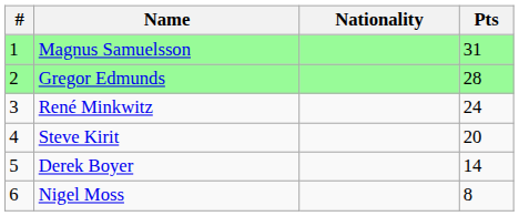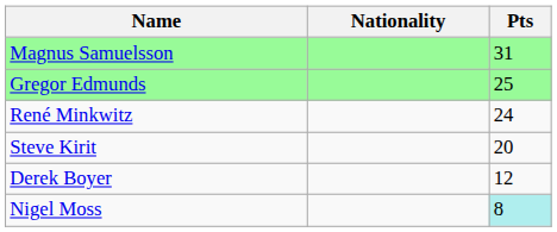 <table class="wikitable" style="display: inline-table; width: 50%;">
 <tr>
-<th>#</th>
 <th>Name</th>
 <th>Nationality</th>
 <th>Pts</th>
 </tr>
 <tr style="background:palegreen;">
-<td>1</td>
 <td><a href='#'>Magnus Samuelsson</a></td>
 <td></td>
 <td>31</td>
 </tr>
 <tr style="background:palegreen;">
-<td>2</td>
 <td><a href='#'>Gregor Edmunds</a></td>
 <td></td>
-<td>28</td>
+<td>25</td>
 </tr>
 <tr>
-<td>3</td>
 <td><a href='#'>René Minkwitz</a></td>
 <td></td>
 <td>24</td>
 </tr>
 <tr>
-<td>4</td>
 <td><a href='#'>Steve Kirit</a></td>
 <td></td>
 <td>20</td>
 </tr>
 <tr>
-<td>5</td>
 <td><a href='#'>Derek Boyer</a></td>
 <td></td>
-<td>14</td>
+<td>12</td>
 </tr>
 <tr>
-<td>6</td>
 <td><a href='#'>Nigel Moss</a></td>
 <td></td>
-<td>8</td>
+<td style="background: paleturquoise;">8</td>
 </tr>
 </table>
